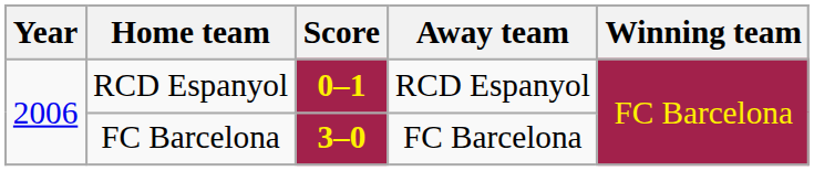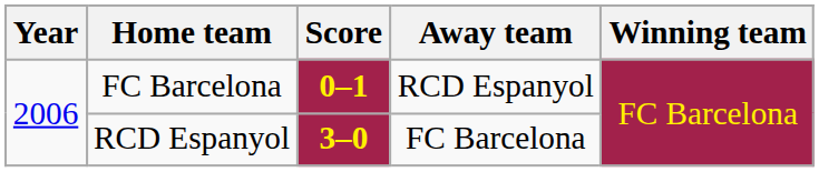 <table class="wikitable" style="font-size:90%">
 <tr>
 <th>Year</th>
 <th>Home team</th>
 <th>Score</th>
 <th>Away team</th>
 <th>Winning team</th>
 </tr>
 <tr style="text-align:center;">
 <td rowspan="2"><a href='#'>2006</a></td>
-<td>RCD Espanyol</td>
+<td>FC Barcelona</td>
 <td style="color:#fff000; background:#A2214B"><strong>0–1</strong></td>
 <td>RCD Espanyol</td>
 <td rowspan="2" style="color:#fff000; background:#A2214B">FC Barcelona</td>
 </tr>
 <tr style="text-align:center;">
-<td>FC Barcelona</td>
+<td>RCD Espanyol</td>
 <td style="color:#fff000; background:#A2214B"><strong>3–0</strong></td>
 <td>FC Barcelona</td>
 </tr>
 </table>
